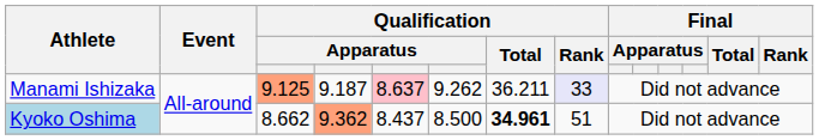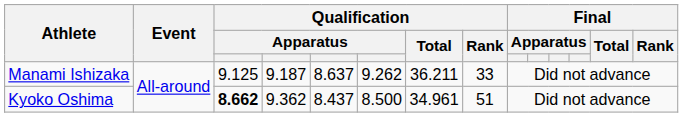 <table class="wikitable" style="font-size:90%">
 <tr>
 <th rowspan=3>Athlete</th>
 <th rowspan=3>Event</th>
 <th colspan=6>Qualification</th>
 <th colspan=6>Final</th>
 </tr>
 <tr style="font-size:95%">
 <th colspan=4>Apparatus</th>
 <th rowspan=2>Total</th>
 <th rowspan=2>Rank</th>
 <th colspan=4>Apparatus</th>
 <th rowspan=2>Total</th>
 <th rowspan=2>Rank</th>
 </tr>
 <tr style="font-size:95%">
 <th></th>
 <th></th>
 <th></th>
 <th></th>
 <th></th>
 <th></th>
 <th></th>
 <th></th>
 </tr>
 <tr align=center>
 <td align=left><a href='#'>Manami Ishizaka</a></td>
 <td align=left rowspan=2><a href='#'>All-around</a></td>
-<td style="background: lightsalmon;">9.125</td>
+<td>9.125</td>
 <td>9.187</td>
-<td style="background: pink;">8.637</td>
+<td>8.637</td>
 <td>9.262</td>
 <td>36.211</td>
-<td style="background: lavender;">33</td>
+<td>33</td>
 <td colspan=6>Did not advance</td>
 </tr>
 <tr align=center>
-<td align=left style="background: lightblue;"><a href='#'>Kyoko Oshima</a></td>
-<td>8.662</td>
-<td style="background: lightsalmon;">9.362</td>
+<td align=left><a href='#'>Kyoko Oshima</a></td>
+<td><strong>8.662</strong></td>
+<td>9.362</td>
 <td>8.437</td>
 <td>8.500</td>
-<td><strong>34.961</strong></td>
+<td>34.961</td>
 <td>51</td>
 <td colspan=6>Did not advance</td>
 </tr>
 </table>
